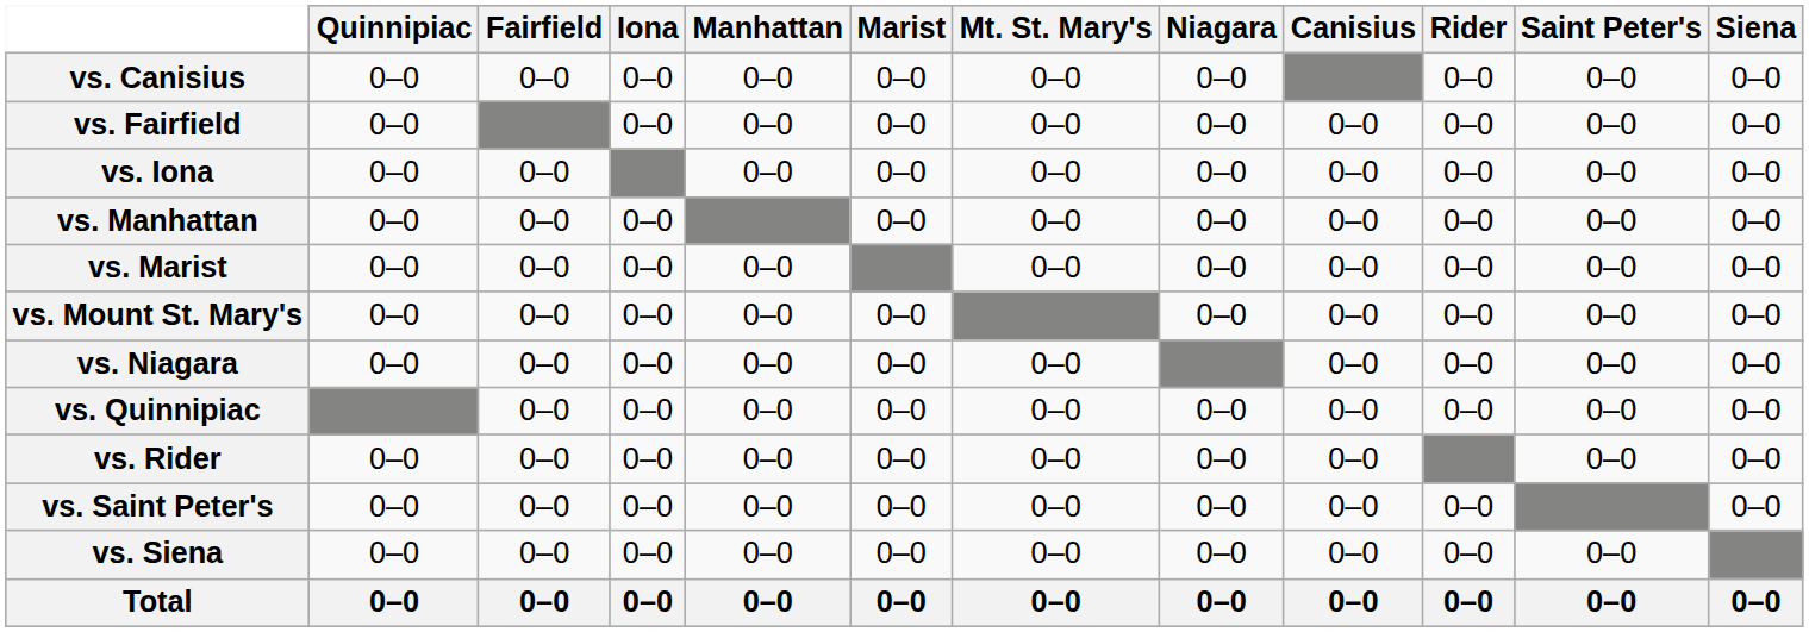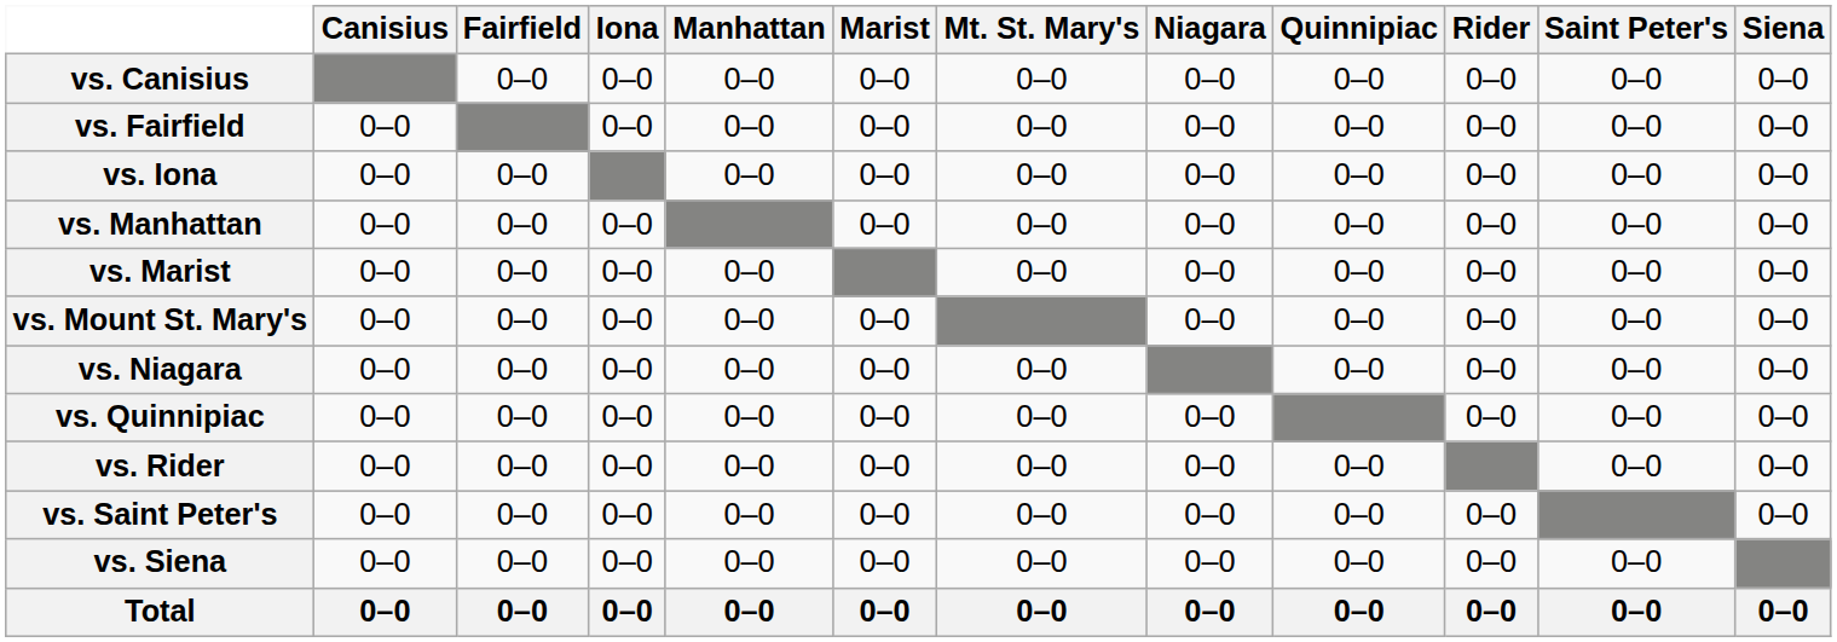 <table class="wikitable" style="white-space:nowrap;">
 <tr>
 <th colspan=1 style="background:white; border-top-style:hidden; border-left-style:hidden;"   width=75> </th>
-<th>Quinnipiac</th>
+<th>Canisius</th>
 <th>Fairfield</th>
 <th>Iona</th>
 <th>Manhattan</th>
 <th>Marist</th>
 <th>Mt. St. Mary's</th>
 <th>Niagara</th>
-<th>Canisius</th>
+<th>Quinnipiac</th>
 <th>Rider</th>
 <th>Saint Peter's</th>
 <th>Siena</th>
 </tr>
 <tr style="text-align:center;">
 <th>vs. Canisius</th>
+<td style="background:#848482;"></td>
 <td>0–0</td>
 <td>0–0</td>
 <td>0–0</td>
 <td>0–0</td>
 <td>0–0</td>
 <td>0–0</td>
 <td>0–0</td>
-<td style="background:#848482;"></td>
 <td>0–0</td>
 <td>0–0</td>
 <td>0–0</td>
 </tr>
 <tr style="text-align:center;">
 <th>vs. Fairfield</th>
 <td>0–0</td>
 <td style="background:#848482;"></td>
 <td>0–0</td>
 <td>0–0</td>
 <td>0–0</td>
 <td>0–0</td>
 <td>0–0</td>
 <td>0–0</td>
 <td>0–0</td>
 <td>0–0</td>
 <td>0–0</td>
 </tr>
 <tr style="text-align:center;">
 <th>vs. Iona</th>
 <td>0–0</td>
 <td>0–0</td>
 <td style="background:#848482;"></td>
 <td>0–0</td>
 <td>0–0</td>
 <td>0–0</td>
 <td>0–0</td>
 <td>0–0</td>
 <td>0–0</td>
 <td>0–0</td>
 <td>0–0</td>
 </tr>
 <tr style="text-align:center;">
 <th>vs. Manhattan</th>
 <td>0–0</td>
 <td>0–0</td>
 <td>0–0</td>
 <td style="background:#848482;"></td>
 <td>0–0</td>
 <td>0–0</td>
 <td>0–0</td>
 <td>0–0</td>
 <td>0–0</td>
 <td>0–0</td>
 <td>0–0</td>
 </tr>
 <tr style="text-align:center;">
 <th>vs. Marist</th>
 <td>0–0</td>
 <td>0–0</td>
 <td>0–0</td>
 <td>0–0</td>
 <td style="background:#848482;"></td>
 <td>0–0</td>
 <td>0–0</td>
 <td>0–0</td>
 <td>0–0</td>
 <td>0–0</td>
 <td>0–0</td>
 </tr>
 <tr style="text-align:center;">
 <th>vs. Mount St. Mary's</th>
 <td>0–0</td>
 <td>0–0</td>
 <td>0–0</td>
 <td>0–0</td>
 <td>0–0</td>
 <td style="background:#848482;"></td>
 <td>0–0</td>
 <td>0–0</td>
 <td>0–0</td>
 <td>0–0</td>
 <td>0–0</td>
 </tr>
 <tr style="text-align:center;">
 <th>vs. Niagara</th>
 <td>0–0</td>
 <td>0–0</td>
 <td>0–0</td>
 <td>0–0</td>
 <td>0–0</td>
 <td>0–0</td>
 <td style="background:#848482;"></td>
 <td>0–0</td>
 <td>0–0</td>
 <td>0–0</td>
 <td>0–0</td>
 </tr>
 <tr style="text-align:center;">
 <th>vs. Quinnipiac</th>
-<td style="background:#848482;"></td>
 <td>0–0</td>
 <td>0–0</td>
 <td>0–0</td>
 <td>0–0</td>
 <td>0–0</td>
 <td>0–0</td>
 <td>0–0</td>
+<td style="background:#848482;"></td>
 <td>0–0</td>
 <td>0–0</td>
 <td>0–0</td>
 </tr>
 <tr style="text-align:center;">
 <th>vs. Rider</th>
 <td>0–0</td>
 <td>0–0</td>
 <td>0–0</td>
 <td>0–0</td>
 <td>0–0</td>
 <td>0–0</td>
 <td>0–0</td>
 <td>0–0</td>
 <td style="background:#848482;"></td>
 <td>0–0</td>
 <td>0–0</td>
 </tr>
 <tr style="text-align:center;">
 <th>vs. Saint Peter's</th>
 <td>0–0</td>
 <td>0–0</td>
 <td>0–0</td>
 <td>0–0</td>
 <td>0–0</td>
 <td>0–0</td>
 <td>0–0</td>
 <td>0–0</td>
 <td>0–0</td>
 <td style="background:#848482;"></td>
 <td>0–0</td>
 </tr>
 <tr style="text-align:center;">
 <th>vs. Siena</th>
 <td>0–0</td>
 <td>0–0</td>
 <td>0–0</td>
 <td>0–0</td>
 <td>0–0</td>
 <td>0–0</td>
 <td>0–0</td>
 <td>0–0</td>
 <td>0–0</td>
 <td>0–0</td>
 <td style="background:#848482;"></td>
 </tr>
 <tr style="text-align:center;">
 <th>Total</th>
 <th>0–0</th>
 <th>0–0</th>
 <th>0–0</th>
 <th>0–0</th>
 <th>0–0</th>
 <th>0–0</th>
 <th>0–0</th>
 <th>0–0</th>
 <th>0–0</th>
 <th>0–0</th>
 <th>0–0</th>
 </tr>
 </table>
